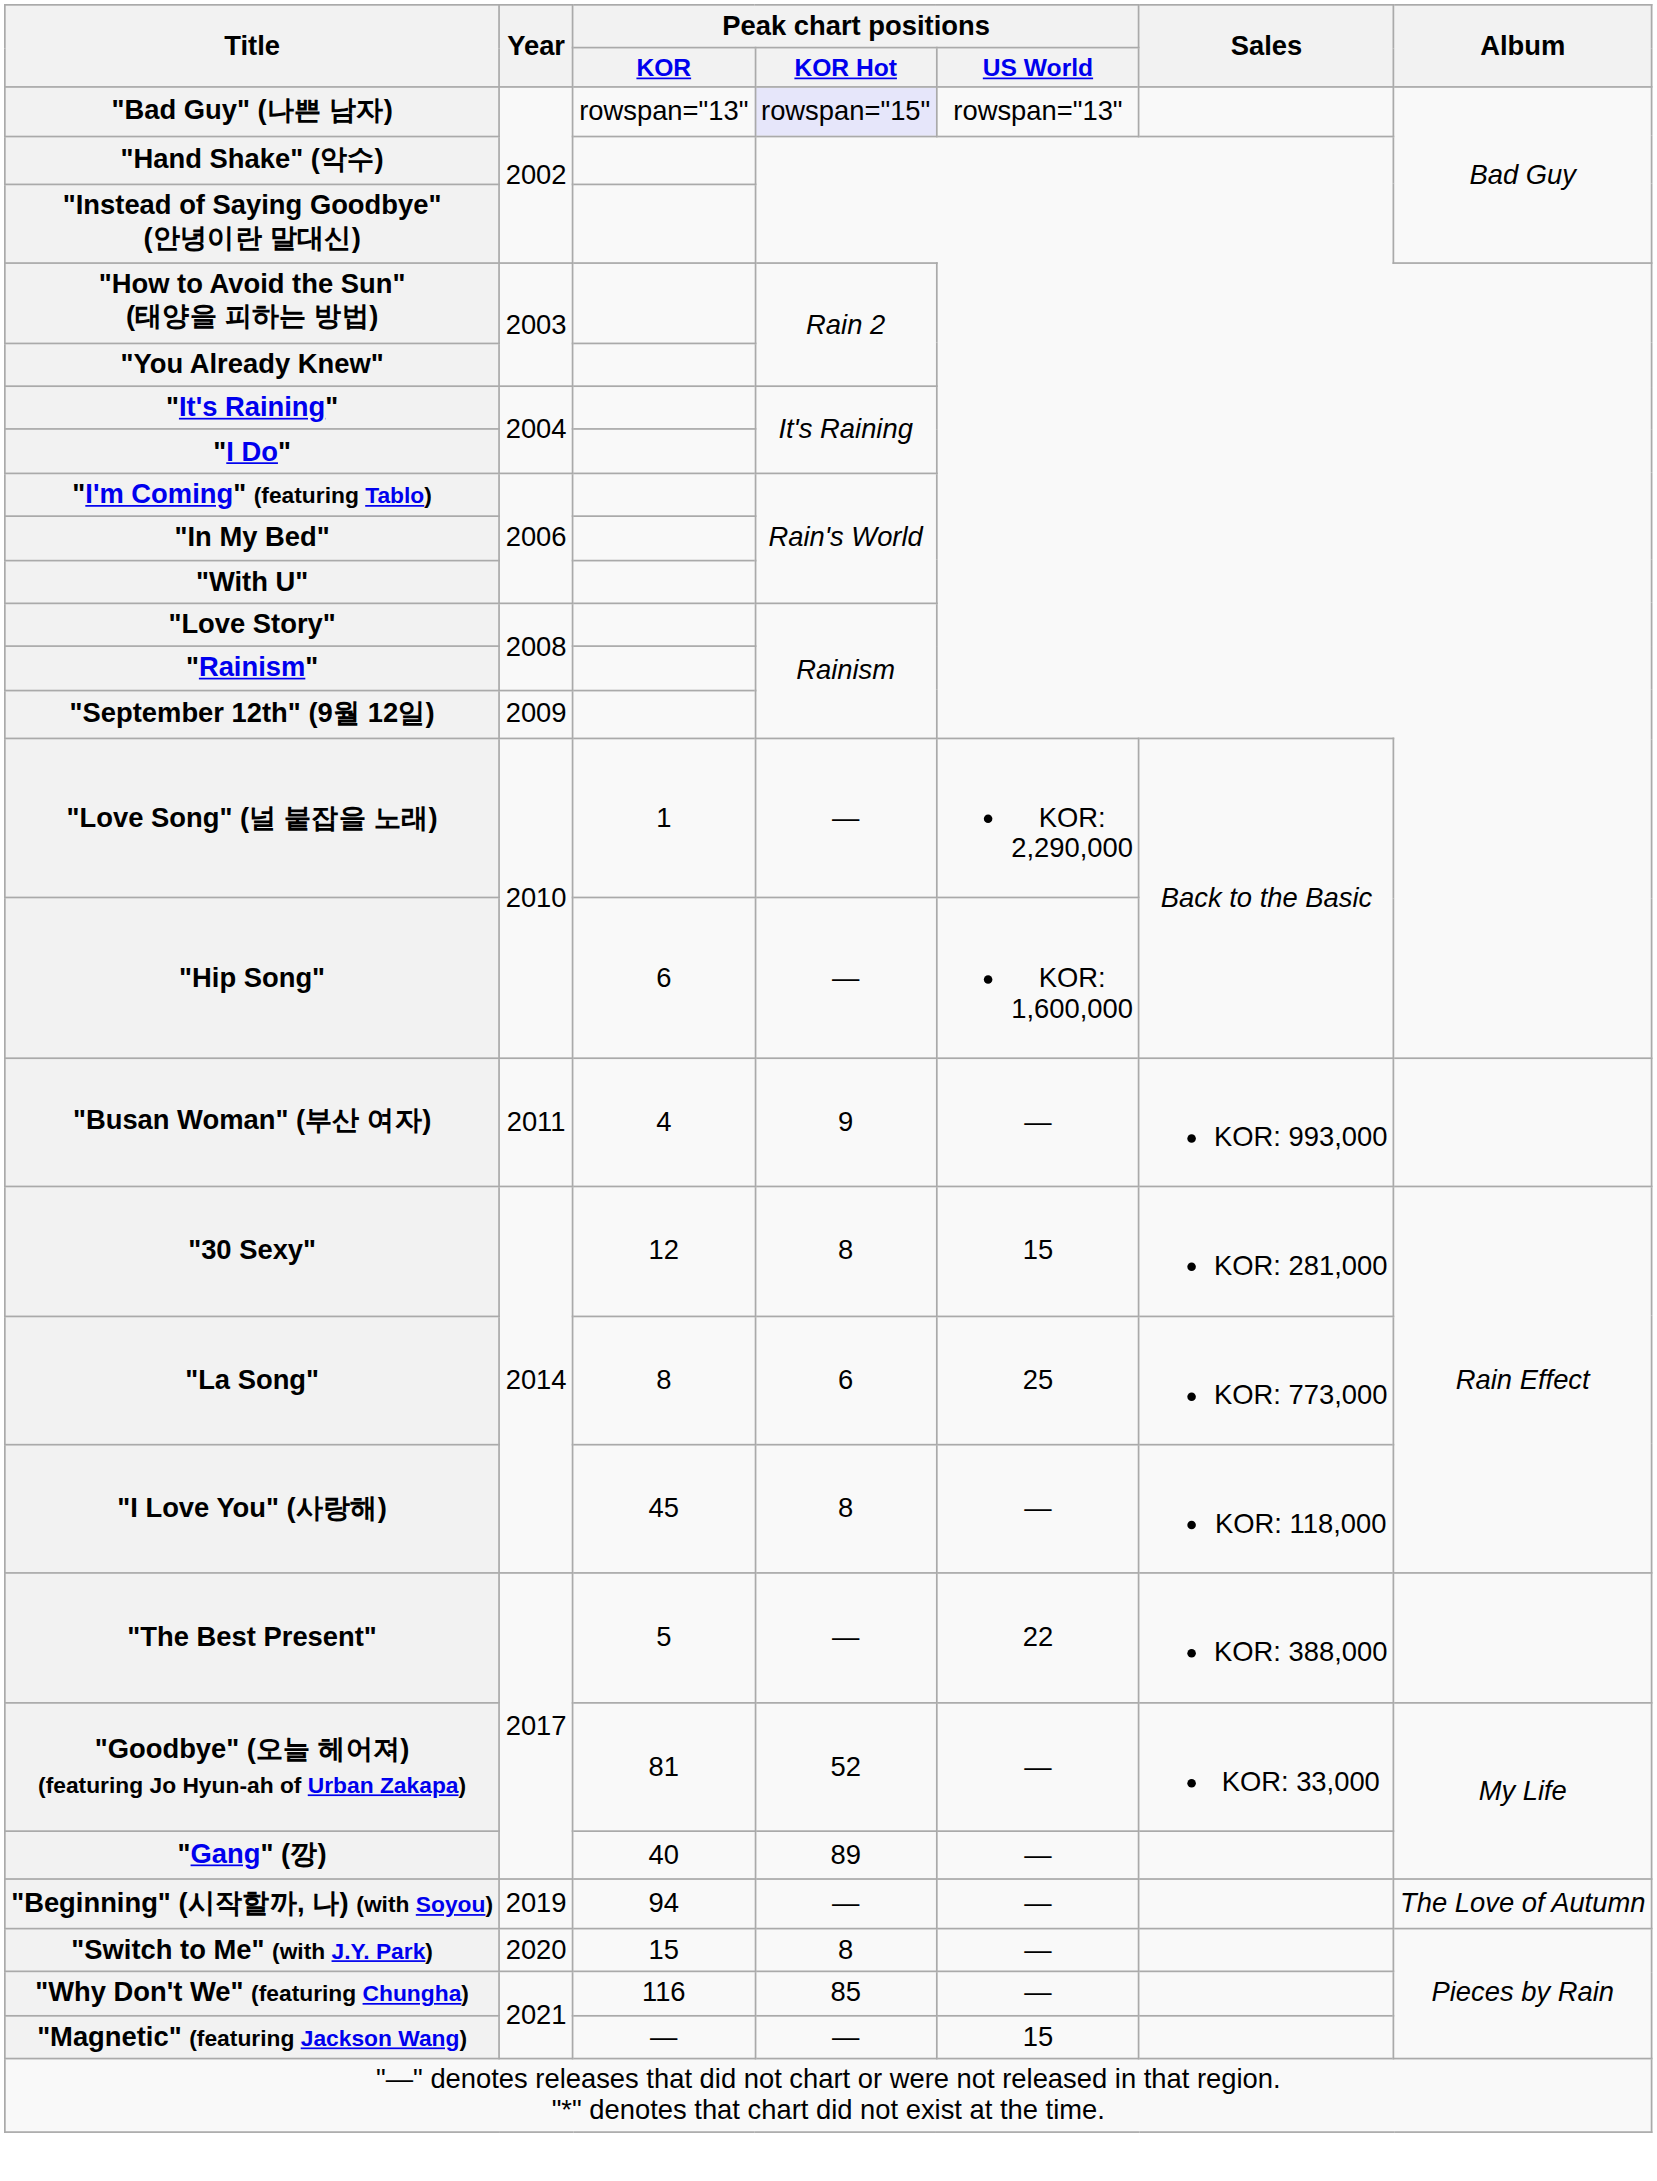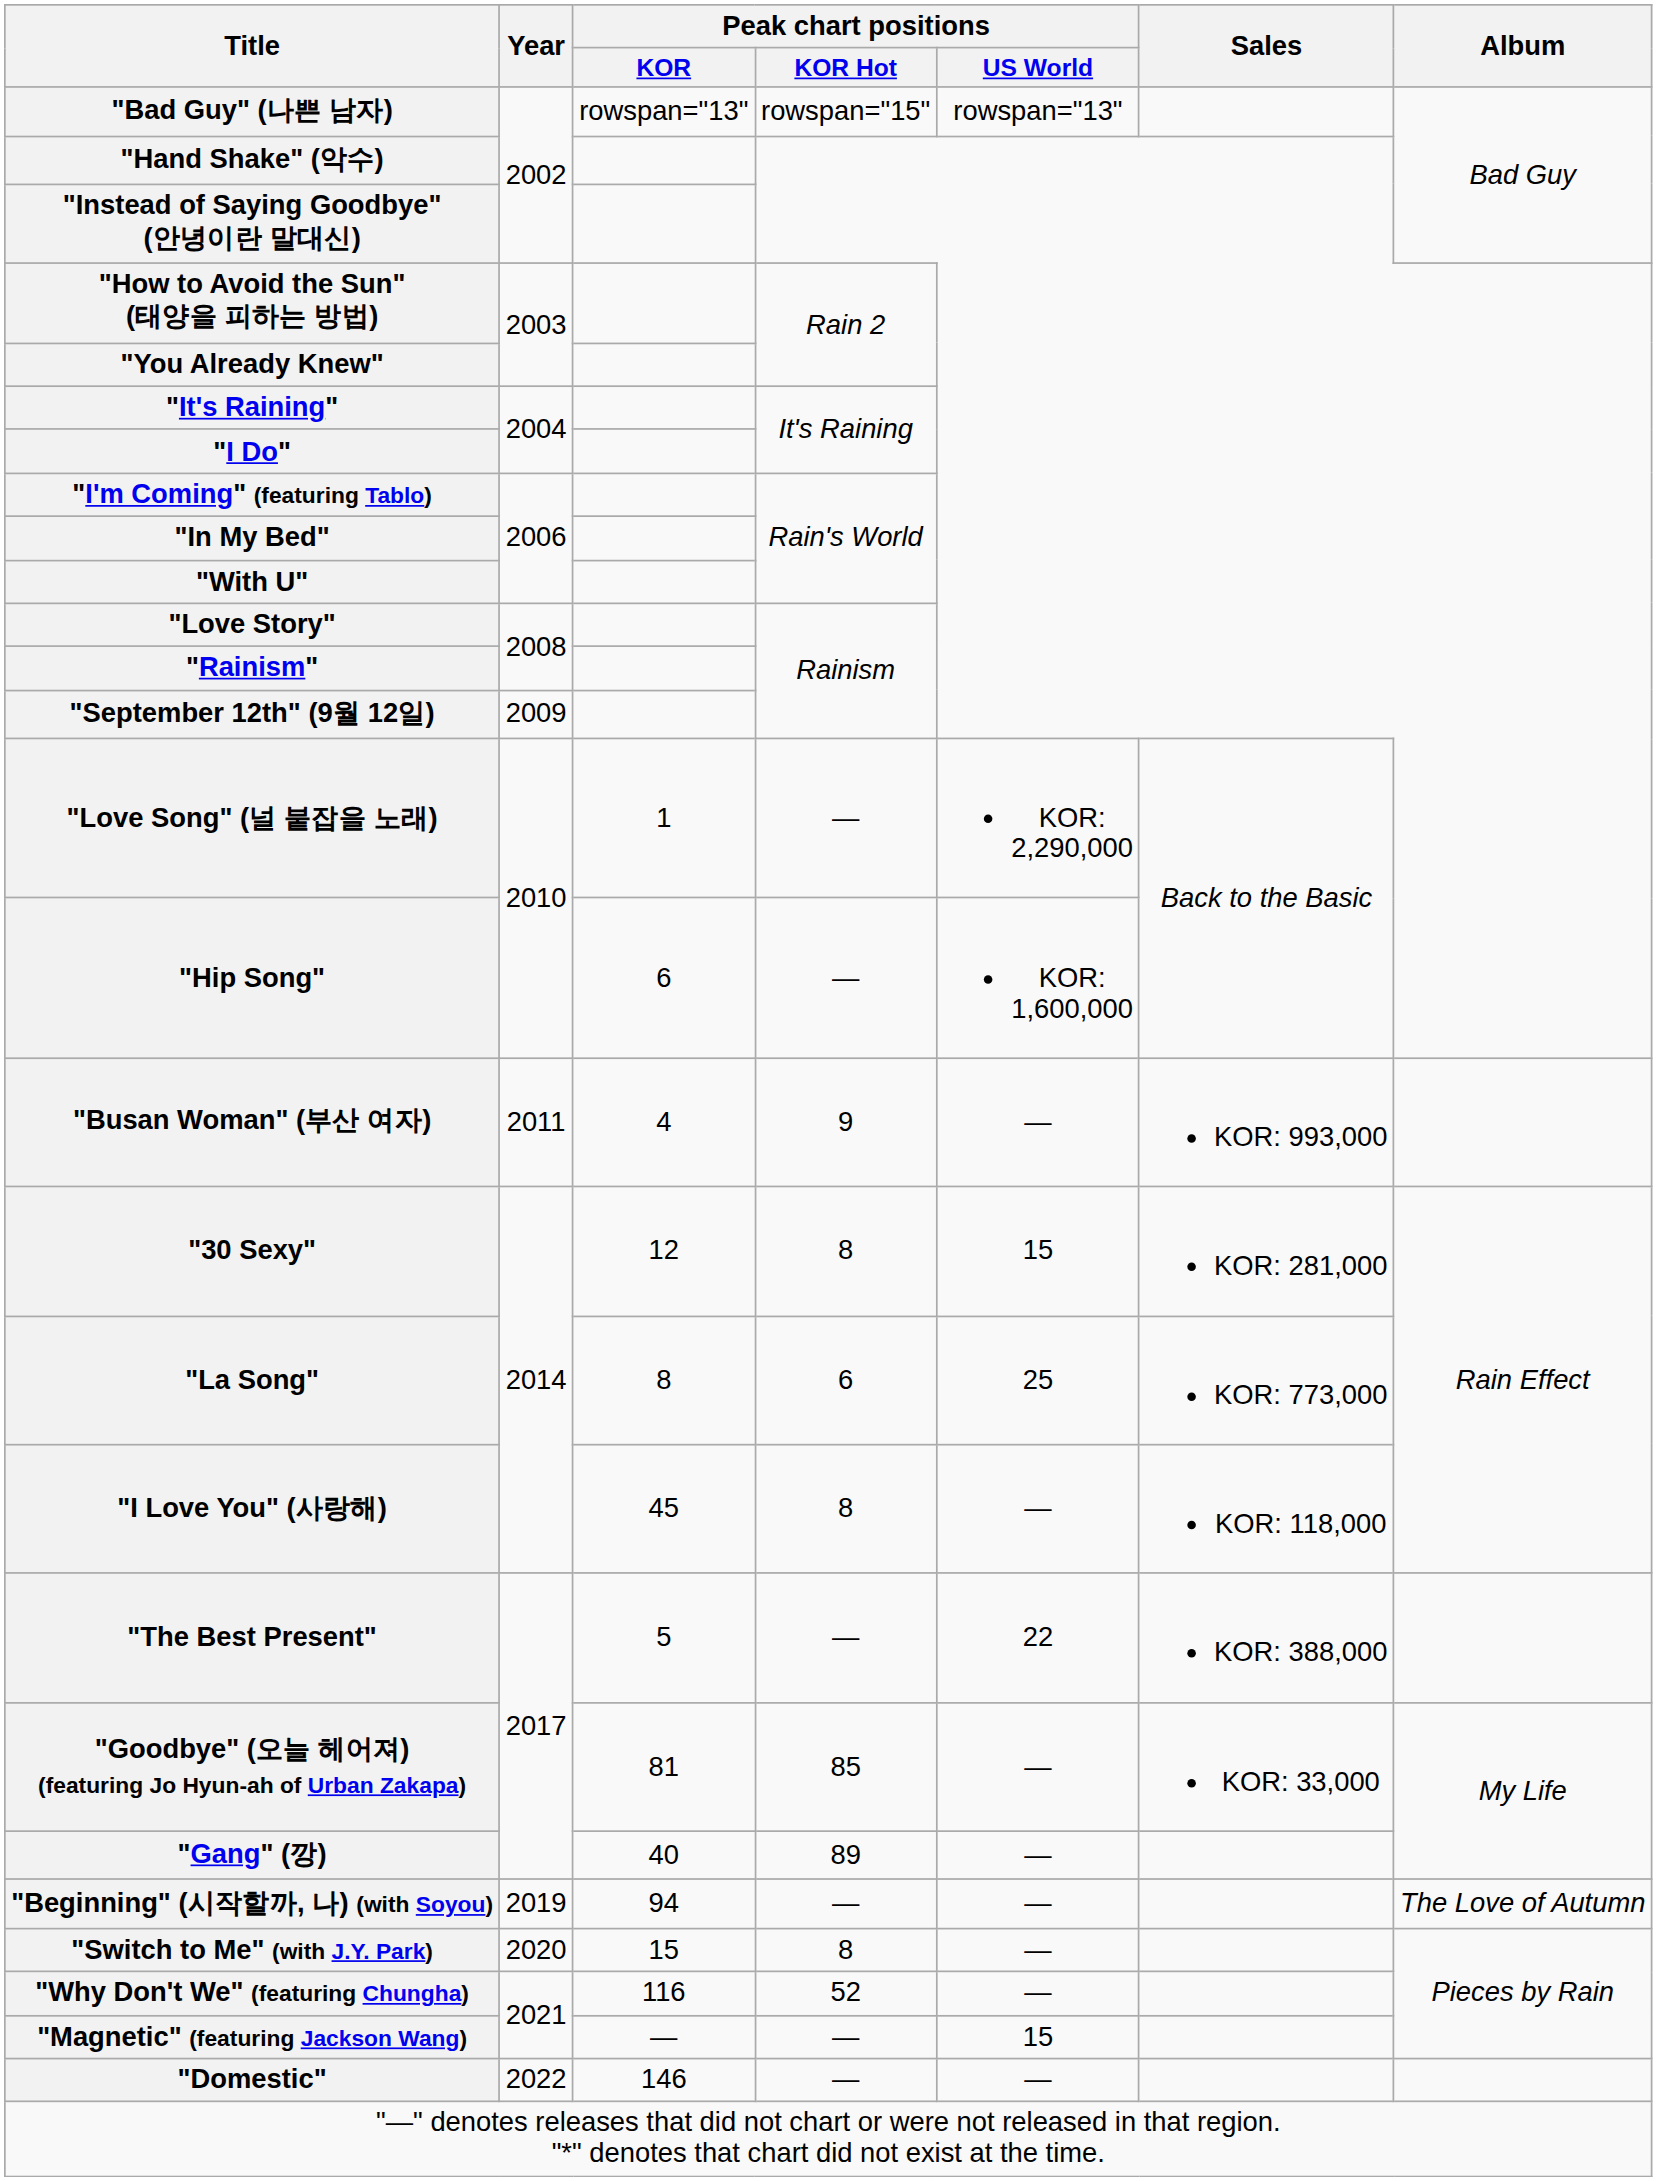 <table class="wikitable plainrowheaders" style="text-align:center;">
 <tr>
 <th scope="col" rowspan="2">Title</th>
 <th scope="col" rowspan="2">Year</th>
 <th colspan="3" scope="col">Peak chart positions</th>
 <th scope="col" rowspan="2">Sales</th>
 <th scope="col" rowspan="2">Album</th>
 </tr>
 <tr>
 <th scope="col" style="width:3em;font-size:90%;"><a href='#'>KOR</a><br></th>
 <th scope="col" style="width:3em;font-size:90%;"><a href='#'>KOR Hot</a><br></th>
 <th scope="col" style="width:3em;font-size:90%;"><a href='#'>US World</a><br></th>
 </tr>
 <tr>
 <th scope="row">"Bad Guy" (나쁜 남자)</th>
 <td rowspan="3">2002</td>
 <td>rowspan="13" </td>
-<td style="background: lavender;">rowspan="15" </td>
+<td>rowspan="15" </td>
 <td>rowspan="13" </td>
 <td></td>
 <td rowspan="3"><em>Bad Guy</em></td>
 </tr>
 <tr>
 <th scope="row">"Hand Shake" (악수)</th>
 <td></td>
 </tr>
 <tr>
 <th scope="row">"Instead of Saying Goodbye" <br> (안녕이란 말대신)</th>
 <td></td>
 </tr>
 <tr>
 <th scope="row">"How to Avoid the Sun" <br> (태양을 피하는 방법)</th>
 <td rowspan="2">2003</td>
 <td></td>
 <td rowspan="2"><em>Rain 2</em></td>
 </tr>
 <tr>
 <th scope="row">"You Already Knew"</th>
 <td></td>
 </tr>
 <tr>
 <th scope="row">"<a href='#'>It's Raining</a>"</th>
 <td rowspan="2">2004</td>
 <td></td>
 <td rowspan="2"><em>It's Raining</em></td>
 </tr>
 <tr>
 <th scope="row">"<a href='#'>I Do</a>"</th>
 <td></td>
 </tr>
 <tr>
 <th scope="row">"<a href='#'>I'm Coming</a>" <small>(featuring <a href='#'>Tablo</a>)</small></th>
 <td rowspan="3">2006</td>
 <td></td>
 <td rowspan="3"><em>Rain's World</em></td>
 </tr>
 <tr>
 <th scope="row">"In My Bed"</th>
 <td></td>
 </tr>
 <tr>
 <th scope="row">"With U"</th>
 <td></td>
 </tr>
 <tr>
 <th scope="row">"Love Story"</th>
 <td rowspan="2">2008</td>
 <td></td>
 <td rowspan="3"><em>Rainism</em></td>
 </tr>
 <tr>
 <th scope="row">"<a href='#'>Rainism</a>"</th>
 <td></td>
 </tr>
 <tr>
 <th scope="row">"September 12th" (9월 12일)</th>
 <td rowspan="1">2009</td>
 <td></td>
 </tr>
 <tr>
 <th scope="row">"Love Song" (널 붙잡을 노래)</th>
 <td rowspan="2">2010</td>
 <td>1</td>
 <td>—</td>
 <td><br><ul><li>KOR: 2,290,000</li></ul></td>
 <td rowspan="2"><em>Back to the Basic</em></td>
 </tr>
 <tr>
 <th scope="row">"Hip Song"</th>
 <td>6</td>
 <td>—</td>
 <td><br><ul><li>KOR: 1,600,000</li></ul></td>
 </tr>
 <tr>
 <th scope="row">"Busan Woman" (부산 여자)</th>
 <td>2011</td>
 <td>4</td>
 <td>9</td>
 <td>—</td>
 <td><br><ul><li>KOR: 993,000</li></ul></td>
 <td></td>
 </tr>
 <tr>
 <th scope="row">"30 Sexy"</th>
 <td rowspan="3">2014</td>
 <td>12</td>
 <td>8</td>
 <td>15</td>
 <td><br><ul><li>KOR: 281,000</li></ul></td>
 <td rowspan="3"><em>Rain Effect</em></td>
 </tr>
 <tr>
 <th scope="row">"La Song"</th>
 <td>8</td>
 <td>6</td>
 <td>25</td>
 <td><br><ul><li>KOR: 773,000</li></ul></td>
 </tr>
 <tr>
 <th scope="row">"I Love You" (사랑해)</th>
 <td>45</td>
 <td>8</td>
 <td>—</td>
 <td><br><ul><li>KOR: 118,000</li></ul></td>
 </tr>
 <tr>
 <th scope="row">"The Best Present"</th>
 <td rowspan="3">2017</td>
 <td>5</td>
 <td>—</td>
 <td>22</td>
 <td><br><ul><li>KOR: 388,000</li></ul></td>
 <td></td>
 </tr>
 <tr>
 <th scope="row">"Goodbye" (오늘 헤어져) <br><small>(featuring Jo Hyun-ah of <a href='#'>Urban Zakapa</a>)</small></th>
 <td>81</td>
-<td>52</td>
+<td>85</td>
 <td>—</td>
 <td><br><ul><li>KOR: 33,000</li></ul></td>
 <td rowspan="2"><em>My Life</em></td>
 </tr>
 <tr>
 <th scope="row">"<a href='#'>Gang</a>" (깡)</th>
 <td>40</td>
 <td>89</td>
 <td>—</td>
 <td></td>
 </tr>
 <tr>
 <th scope="row">"Beginning" (시작할까, 나) <small>(with <a href='#'>Soyou</a>)</small></th>
 <td>2019</td>
 <td>94</td>
 <td>—</td>
 <td>—</td>
 <td></td>
 <td><em>The Love of Autumn</em></td>
 </tr>
 <tr>
 <th scope="row">"Switch to Me" <small>(with <a href='#'>J.Y. Park</a>)</small></th>
 <td>2020</td>
 <td>15</td>
 <td>8</td>
 <td>—</td>
 <td></td>
 <td rowspan="3"><em>Pieces by Rain</em></td>
 </tr>
 <tr>
 <th scope="row">"Why Don't We" <small>(featuring <a href='#'>Chungha</a>)</small></th>
 <td rowspan="2">2021</td>
 <td>116</td>
-<td>85</td>
+<td>52</td>
 <td>—</td>
 <td></td>
 </tr>
 <tr>
 <th scope="row">"Magnetic" <small>(featuring <a href='#'>Jackson Wang</a>)</small></th>
 <td>—</td>
 <td>—</td>
 <td>15</td>
 <td></td>
 </tr>
 <tr>
+<th scope="row">"Domestic"</th>
+<td>2022</td>
+<td>146</td>
+<td>—</td>
+<td>—</td>
+<td></td>
+<td></td>
+</tr>
+<tr>
 <td colspan="7">"—" denotes releases that did not chart or were not released in that region.<br>"*" denotes that chart did not exist at the time.</td>
 </tr>
 </table>
